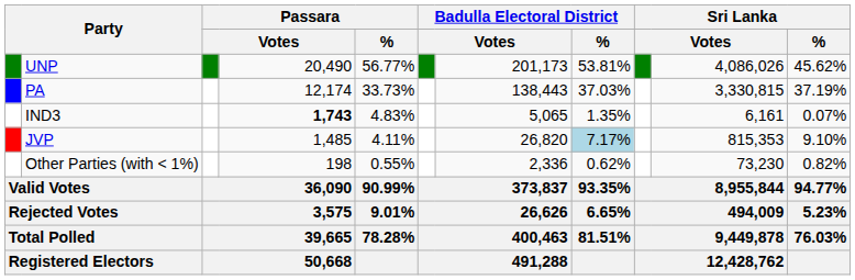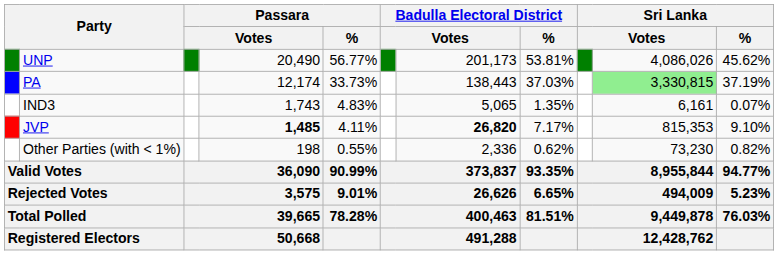 <table class="wikitable">
 <tr>
 <th colspan="2" width="144px"rowspan="2">Party</th>
 <th colspan="3" width="216px">Passara</th>
 <th colspan="3" width="216px"><a href='#'>Badulla Electoral District</a></th>
 <th colspan="3" width="216px">Sri Lanka</th>
 </tr>
 <tr>
 <th colspan="2" width="144px">Votes</th>
 <th>%</th>
 <th colspan="2" width="144px">Votes</th>
 <th>%</th>
 <th colspan="2" width="144px">Votes</th>
 <th>%</th>
 </tr>
 <tr>
 <td style="background-color:green;" width="10px"></td>
 <td style="text-align:left;"><a href='#'>UNP</a></td>
 <td style="background-color:green;" width="10px"></td>
 <td style="text-align:right;">20,490</td>
 <td style="text-align:right;">56.77%</td>
 <td style="background-color:green;" width="10px"></td>
 <td style="text-align:right;">201,173</td>
 <td style="text-align:right;">53.81%</td>
 <td style="background-color:green;" width="10px"></td>
 <td style="text-align:right;">4,086,026</td>
 <td style="text-align:right;">45.62%</td>
 </tr>
 <tr>
 <td style="background-color:blue;" width="10px"></td>
 <td style="text-align:left;"><a href='#'>PA</a></td>
 <td style="background-color:white;" width="10px"></td>
 <td style="text-align:right;">12,174</td>
 <td style="text-align:right;">33.73%</td>
 <td style="background-color:white;" width="10px"></td>
 <td style="text-align:right;">138,443</td>
 <td style="text-align:right;">37.03%</td>
 <td style="background-color:white;" width="10px"></td>
-<td style="text-align:right;">3,330,815</td>
+<td style="background: lightgreen; text-align:right;">3,330,815</td>
 <td style="text-align:right;">37.19%</td>
 </tr>
 <tr>
 <td style="background-color:white;" width="10px"></td>
 <td style="text-align:left;">IND3</td>
 <td style="background-color:white;" width="10px"></td>
-<td style="text-align:right;"><strong>1,743</strong></td>
+<td style="text-align:right;">1,743</td>
 <td style="text-align:right;">4.83%</td>
 <td style="background-color:white;" width="10px"></td>
 <td style="text-align:right;">5,065</td>
 <td style="text-align:right;">1.35%</td>
 <td style="background-color:white;" width="10px"></td>
 <td style="text-align:right;">6,161</td>
 <td style="text-align:right;">0.07%</td>
 </tr>
 <tr>
 <td style="background-color:red;" width="10px"></td>
 <td style="text-align:left;"><a href='#'>JVP</a></td>
 <td style="background-color:white;" width="10px"></td>
-<td style="text-align:right;">1,485</td>
+<td style="text-align:right;"><strong>1,485</strong></td>
 <td style="text-align:right;">4.11%</td>
 <td style="background-color:white;" width="10px"></td>
-<td style="text-align:right;">26,820</td>
-<td style="background: lightblue; text-align:right;">7.17%</td>
+<td style="text-align:right;"><strong>26,820</strong></td>
+<td style="text-align:right;">7.17%</td>
 <td style="background-color:white;" width="10px"></td>
 <td style="text-align:right;">815,353</td>
 <td style="text-align:right;">9.10%</td>
 </tr>
 <tr>
 <td style="background-color:white;" width="10px"></td>
 <td style="text-align:left;">Other Parties (with < 1%)</td>
 <td style="background-color:white;" width="10px"></td>
 <td style="text-align:right;">198</td>
 <td style="text-align:right;">0.55%</td>
 <td style="background-color:white;" width="10px"></td>
 <td style="text-align:right;">2,336</td>
 <td style="text-align:right;">0.62%</td>
 <td style="background-color:white;" width="10px"></td>
 <td style="text-align:right;">73,230</td>
 <td style="text-align:right;">0.82%</td>
 </tr>
 <tr>
 <th colspan="2" width="144px"style="text-align:left;">Valid Votes</th>
 <th style="text-align:right;"colspan="2" width="144px">36,090</th>
 <th style="text-align:right;">90.99%</th>
 <th style="text-align:right;"colspan="2" width="144px">373,837</th>
 <th style="text-align:right;">93.35%</th>
 <th style="text-align:right;"colspan="2" width="144px">8,955,844</th>
 <th style="text-align:right;">94.77%</th>
 </tr>
 <tr>
 <th colspan="2" width="144px"style="text-align:left;">Rejected Votes</th>
 <th style="text-align:right;"colspan="2" width="144px">3,575</th>
 <th style="text-align:right;">9.01%</th>
 <th style="text-align:right;"colspan="2" width="144px">26,626</th>
 <th style="text-align:right;">6.65%</th>
 <th style="text-align:right;"colspan="2" width="144px">494,009</th>
 <th style="text-align:right;">5.23%</th>
 </tr>
 <tr>
 <th colspan="2" width="144px"style="text-align:left;">Total Polled</th>
 <th style="text-align:right;"colspan="2" width="144px">39,665</th>
 <th style="text-align:right;">78.28%</th>
 <th style="text-align:right;"colspan="2" width="144px">400,463</th>
 <th style="text-align:right;">81.51%</th>
 <th style="text-align:right;"colspan="2" width="144px">9,449,878</th>
 <th style="text-align:right;">76.03%</th>
 </tr>
 <tr>
 <th colspan="2" width="144px"style="text-align:left;">Registered Electors</th>
 <th style="text-align:right;"colspan="2" width="144px">50,668</th>
 <th></th>
 <th style="text-align:right;"colspan="2" width="144px">491,288</th>
 <th></th>
 <th style="text-align:right;"colspan="2" width="144px">12,428,762</th>
 <th></th>
 </tr>
 </table>
